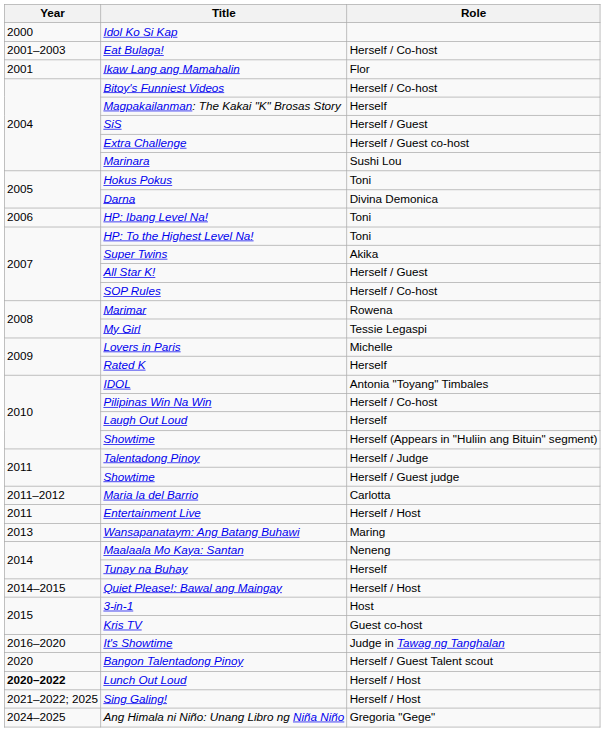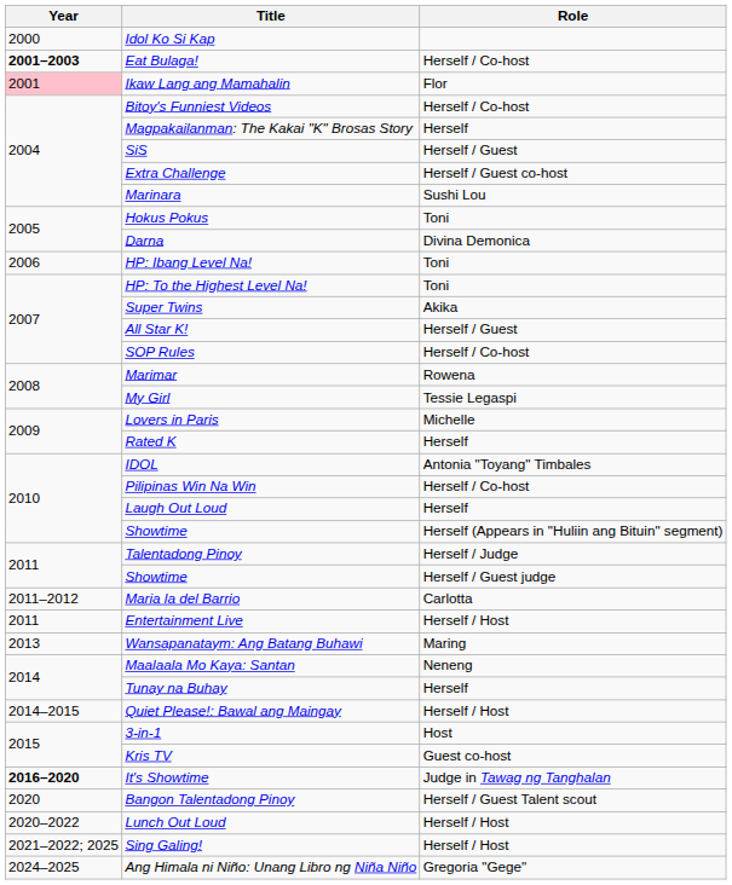 <table class="wikitable sortable">
 <tr>
 <th>Year</th>
 <th>Title</th>
 <th>Role</th>
 </tr>
 <tr>
 <td>2000</td>
 <td><em><a href='#'>Idol Ko Si Kap</a></em></td>
 <td></td>
 </tr>
 <tr>
-<td>2001–2003</td>
+<td><strong>2001–2003</strong></td>
 <td><em><a href='#'>Eat Bulaga!</a></em></td>
 <td>Herself / Co-host</td>
 </tr>
 <tr>
-<td>2001</td>
+<td style="background: pink;">2001</td>
 <td><em><a href='#'>Ikaw Lang ang Mamahalin</a></em></td>
 <td>Flor</td>
 </tr>
 <tr>
 <td rowspan="5">2004</td>
 <td><em><a href='#'>Bitoy's Funniest Videos</a></em></td>
 <td>Herself / Co-host</td>
 </tr>
 <tr>
 <td><em><a href='#'>Magpakailanman</a>: The Kakai "K" Brosas Story</em></td>
 <td>Herself</td>
 </tr>
 <tr>
 <td><em><a href='#'>SiS</a></em></td>
 <td>Herself / Guest</td>
 </tr>
 <tr>
 <td><em><a href='#'>Extra Challenge</a></em></td>
 <td>Herself / Guest co-host</td>
 </tr>
 <tr>
 <td><em><a href='#'>Marinara</a></em></td>
 <td>Sushi Lou</td>
 </tr>
 <tr>
 <td rowspan="2">2005</td>
 <td><em><a href='#'>Hokus Pokus</a></em></td>
 <td>Toni</td>
 </tr>
 <tr>
 <td><em><a href='#'>Darna</a></em></td>
 <td>Divina Demonica</td>
 </tr>
 <tr>
 <td>2006</td>
 <td><em><a href='#'>HP: Ibang Level Na!</a></em></td>
 <td>Toni</td>
 </tr>
 <tr>
 <td rowspan="4">2007</td>
 <td><em><a href='#'>HP: To the Highest Level Na!</a></em></td>
 <td>Toni</td>
 </tr>
 <tr>
 <td><em><a href='#'>Super Twins</a></em></td>
 <td>Akika</td>
 </tr>
 <tr>
 <td><em><a href='#'>All Star K!</a></em></td>
 <td>Herself / Guest</td>
 </tr>
 <tr>
 <td><em><a href='#'>SOP Rules</a></em></td>
 <td>Herself / Co-host</td>
 </tr>
 <tr>
 <td rowspan="2">2008</td>
 <td><em><a href='#'>Marimar</a></em></td>
 <td>Rowena</td>
 </tr>
 <tr>
 <td><em><a href='#'>My Girl</a></em></td>
 <td>Tessie Legaspi</td>
 </tr>
 <tr>
 <td rowspan="2">2009</td>
 <td><em><a href='#'>Lovers in Paris</a></em></td>
 <td>Michelle</td>
 </tr>
 <tr>
 <td><em><a href='#'>Rated K</a></em></td>
 <td>Herself</td>
 </tr>
 <tr>
 <td rowspan="4">2010</td>
 <td><em><a href='#'>IDOL</a></em></td>
 <td>Antonia "Toyang" Timbales</td>
 </tr>
 <tr>
 <td><em><a href='#'>Pilipinas Win Na Win</a></em></td>
 <td>Herself / Co-host</td>
 </tr>
 <tr>
 <td><em><a href='#'>Laugh Out Loud</a></em></td>
 <td>Herself</td>
 </tr>
 <tr>
 <td><em><a href='#'>Showtime</a></em></td>
 <td>Herself (Appears in "Huliin ang Bituin" segment)</td>
 </tr>
 <tr>
 <td rowspan="2">2011</td>
 <td><em><a href='#'>Talentadong Pinoy</a></em></td>
 <td>Herself / Judge</td>
 </tr>
 <tr>
 <td><em><a href='#'>Showtime</a></em></td>
 <td>Herself / Guest judge</td>
 </tr>
 <tr>
 <td>2011–2012</td>
 <td><em><a href='#'>Maria la del Barrio</a></em></td>
 <td>Carlotta</td>
 </tr>
 <tr>
 <td>2011</td>
 <td><em><a href='#'>Entertainment Live</a></em></td>
 <td>Herself / Host</td>
 </tr>
 <tr>
 <td>2013</td>
 <td><em><a href='#'>Wansapanataym: Ang Batang Buhawi</a></em></td>
 <td>Maring</td>
 </tr>
 <tr>
 <td rowspan="2">2014</td>
 <td><em><a href='#'>Maalaala Mo Kaya: Santan</a></em></td>
 <td>Neneng</td>
 </tr>
 <tr>
 <td><em><a href='#'>Tunay na Buhay</a></em></td>
 <td>Herself</td>
 </tr>
 <tr>
 <td>2014–2015</td>
 <td><em><a href='#'>Quiet Please!: Bawal ang Maingay</a></em></td>
 <td>Herself / Host</td>
 </tr>
 <tr>
 <td rowspan="2">2015</td>
 <td><em><a href='#'>3-in-1</a></em></td>
 <td>Host</td>
 </tr>
 <tr>
 <td><em><a href='#'>Kris TV</a></em></td>
 <td>Guest co-host</td>
 </tr>
 <tr>
-<td>2016–2020</td>
+<td><strong>2016–2020</strong></td>
 <td><em><a href='#'>It's Showtime</a></em></td>
 <td>Judge in <em><a href='#'>Tawag ng Tanghalan</a></em></td>
 </tr>
 <tr>
 <td>2020</td>
 <td><em><a href='#'>Bangon Talentadong Pinoy</a></em></td>
 <td>Herself / Guest Talent scout</td>
 </tr>
 <tr>
-<td><strong>2020–2022</strong></td>
+<td>2020–2022</td>
 <td><em><a href='#'>Lunch Out Loud</a></em></td>
 <td>Herself / Host</td>
 </tr>
 <tr>
 <td>2021–2022; 2025</td>
 <td><em><a href='#'>Sing Galing!</a></em></td>
 <td>Herself / Host</td>
 </tr>
 <tr>
 <td>2024–2025</td>
 <td><em>Ang Himala ni Niño: Unang Libro ng <a href='#'>Niña Niño</a></em></td>
 <td>Gregoria "Gege"</td>
 </tr>
 </table>
